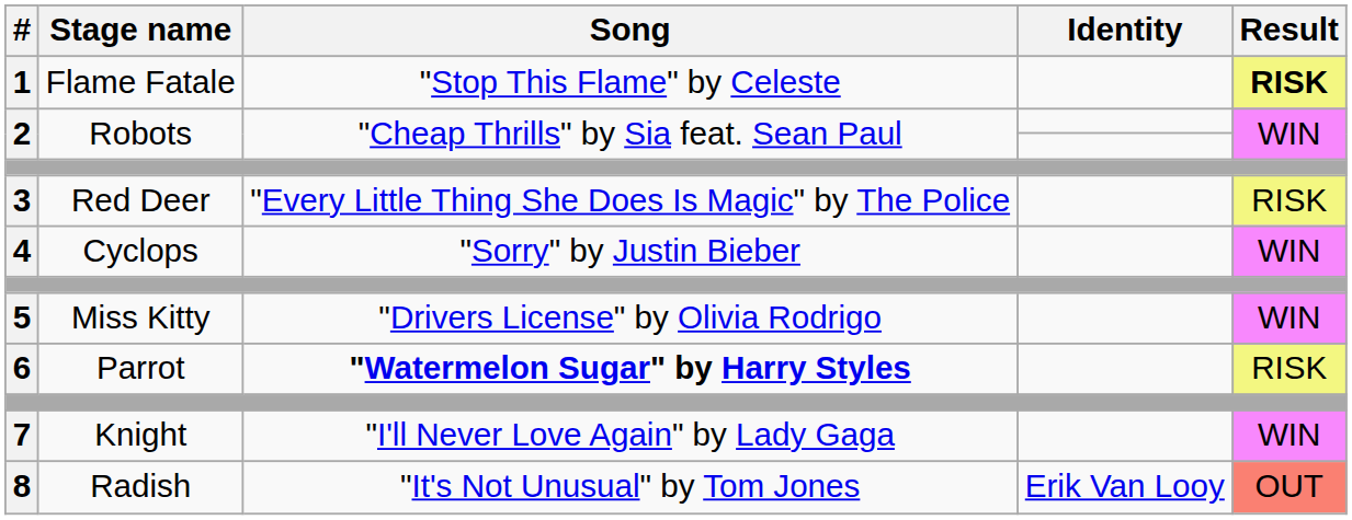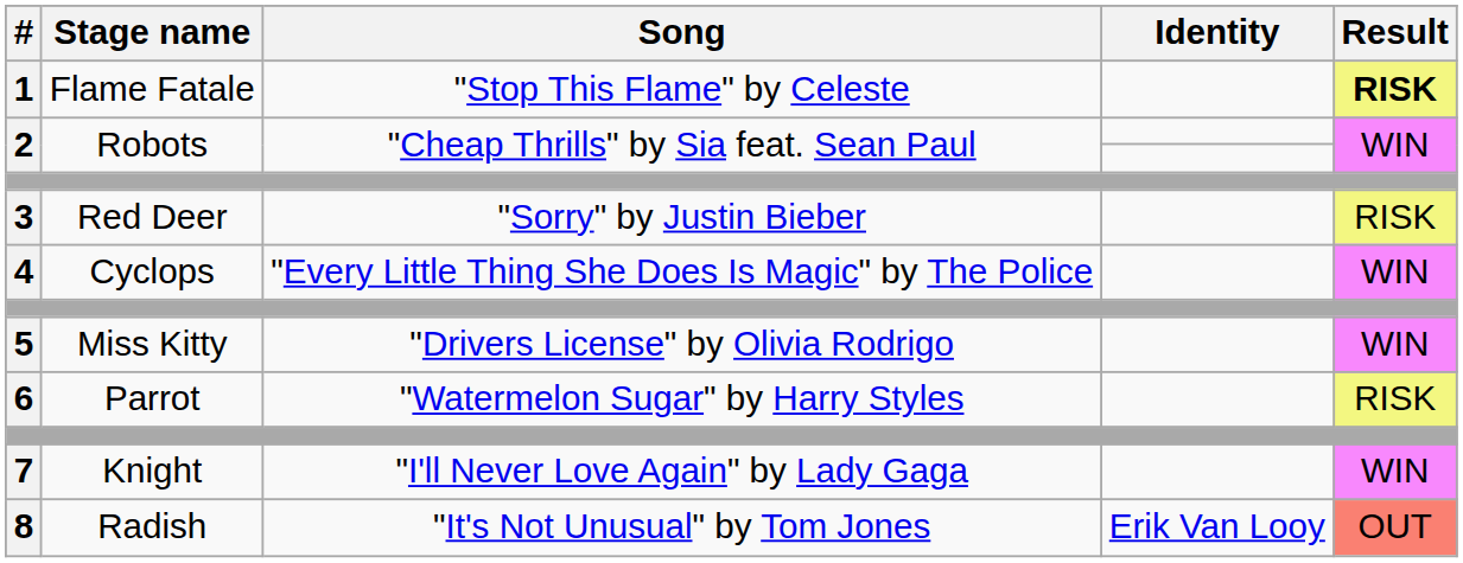 <table class="wikitable plainrowheaders" style="text-align: center;">
 <tr>
 <th>#</th>
 <th>Stage name</th>
 <th>Song</th>
 <th>Identity</th>
 <th>Result</th>
 </tr>
 <tr>
 <th>1</th>
 <td>Flame Fatale</td>
 <td>"<a href='#'>Stop This Flame</a>" by <a href='#'>Celeste</a></td>
 <td></td>
 <td bgcolor="#F3F781"><strong>RISK</strong></td>
 </tr>
 <tr>
 <th rowspan="2">2</th>
 <td rowspan="2">Robots</td>
 <td rowspan="2">"<a href='#'>Cheap Thrills</a>" by <a href='#'>Sia</a> feat. <a href='#'>Sean Paul</a></td>
 <td></td>
 <td rowspan="2" bgcolor="#F888FD">WIN</td>
 </tr>
 <tr>
 <td></td>
 </tr>
 <tr>
 <td colspan="5" style="background:darkgray"></td>
 </tr>
 <tr>
 <th>3</th>
 <td>Red Deer</td>
-<td>"<a href='#'>Every Little Thing She Does Is Magic</a>" by <a href='#'>The Police</a></td>
+<td>"<a href='#'>Sorry</a>" by <a href='#'>Justin Bieber</a></td>
 <td></td>
 <td bgcolor="#F3F781">RISK</td>
 </tr>
 <tr>
 <th>4</th>
 <td>Cyclops</td>
-<td>"<a href='#'>Sorry</a>" by <a href='#'>Justin Bieber</a></td>
+<td>"<a href='#'>Every Little Thing She Does Is Magic</a>" by <a href='#'>The Police</a></td>
 <td></td>
 <td bgcolor="#F888FD">WIN</td>
 </tr>
 <tr>
 <td colspan="5" style="background:darkgray"></td>
 </tr>
 <tr>
 <th>5</th>
 <td>Miss Kitty</td>
 <td>"<a href='#'>Drivers License</a>" by <a href='#'>Olivia Rodrigo</a></td>
 <td></td>
 <td bgcolor="#F888FD">WIN</td>
 </tr>
 <tr>
 <th>6</th>
 <td>Parrot</td>
-<td><strong>"<a href='#'>Watermelon Sugar</a>" by <a href='#'>Harry Styles</a></strong></td>
+<td>"<a href='#'>Watermelon Sugar</a>" by <a href='#'>Harry Styles</a></td>
 <td></td>
 <td bgcolor="#F3F781">RISK</td>
 </tr>
 <tr>
 <td colspan="5" style="background:darkgray"></td>
 </tr>
 <tr>
 <th>7</th>
 <td>Knight</td>
 <td>"<a href='#'>I'll Never Love Again</a>" by <a href='#'>Lady Gaga</a></td>
 <td></td>
 <td bgcolor="#F888FD">WIN</td>
 </tr>
 <tr>
 <th>8</th>
 <td>Radish</td>
 <td>"<a href='#'>It's Not Unusual</a>" by <a href='#'>Tom Jones</a></td>
 <td><a href='#'>Erik Van Looy</a></td>
 <td bgcolor="salmon">OUT</td>
 </tr>
 </table>
